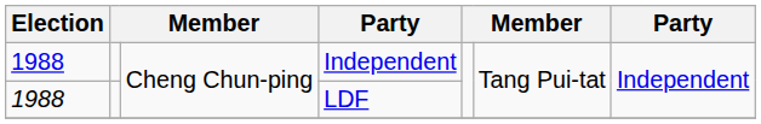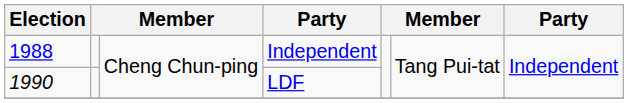 <table class="wikitable">
 <tr>
 <th>Election</th>
 <th colspan="2">Member</th>
 <th>Party</th>
 <th colspan="2">Member</th>
 <th>Party</th>
 </tr>
 <tr>
 <td><a href='#'>1988</a></td>
 <td style="background-color: "></td>
 <td rowspan=2>Cheng Chun-ping</td>
 <td><a href='#'>Independent</a></td>
 <td rowspan=2 style="background-color: "></td>
 <td rowspan=2>Tang Pui-tat</td>
 <td rowspan=2><a href='#'>Independent</a></td>
 </tr>
 <tr>
-<td><em>1988</em></td>
+<td><em>1990</em></td>
 <td style="background-color: "></td>
 <td><a href='#'>LDF</a></td>
 </tr>
 <tr>
 </tr>
 </table>
